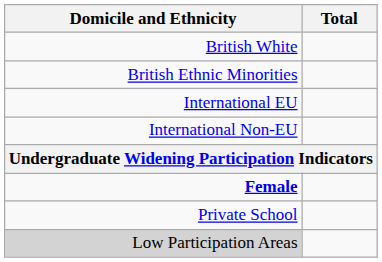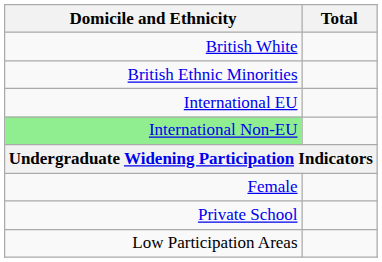 <table class="wikitable floatright sortable collapsible mw-collapsible"; style="font-size:85%; text-align:right;">
 <tr>
 <th>Domicile and Ethnicity</th>
 <th colspan="2" data-sort-type=number>Total</th>
 </tr>
 <tr>
 <td><a href='#'>British White</a></td>
 <td align=right></td>
 </tr>
 <tr>
 <td><a href='#'>British Ethnic Minorities</a></td>
 <td align=right></td>
 </tr>
 <tr>
 <td><a href='#'>International EU</a></td>
 <td align=right></td>
 </tr>
 <tr>
-<td><a href='#'>International Non-EU</a></td>
+<td style="background: lightgreen;"><a href='#'>International Non-EU</a></td>
 <td align=right></td>
 </tr>
 <tr>
 <th colspan="4" data-sort-type=number>Undergraduate <a href='#'>Widening Participation</a> Indicators</th>
 </tr>
 <tr>
-<td><strong><a href='#'>Female</a></strong></td>
+<td><a href='#'>Female</a></td>
 <td align=right></td>
 </tr>
 <tr>
 <td><a href='#'>Private School</a></td>
 <td align=right></td>
 </tr>
 <tr>
-<td style="background: lightgrey;">Low Participation Areas</td>
+<td>Low Participation Areas</td>
 <td align=right></td>
 </tr>
 </table>
